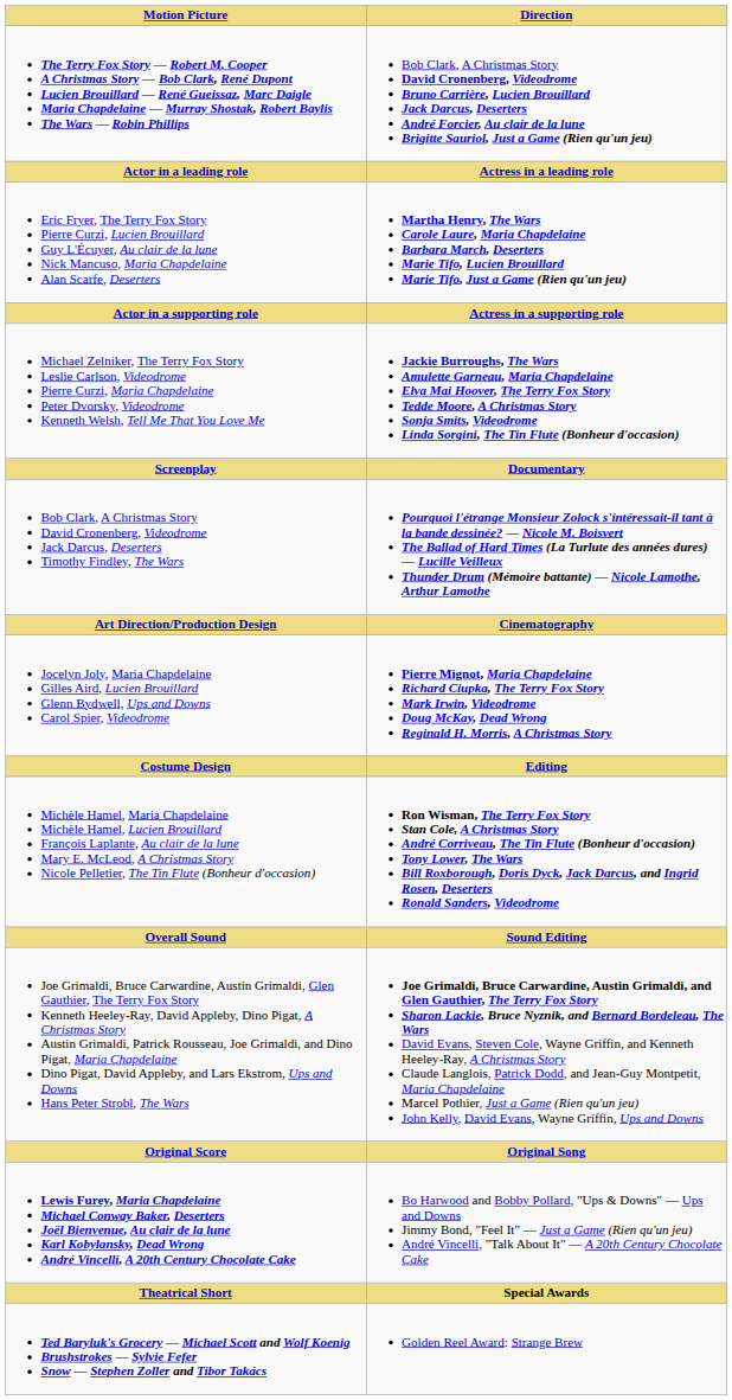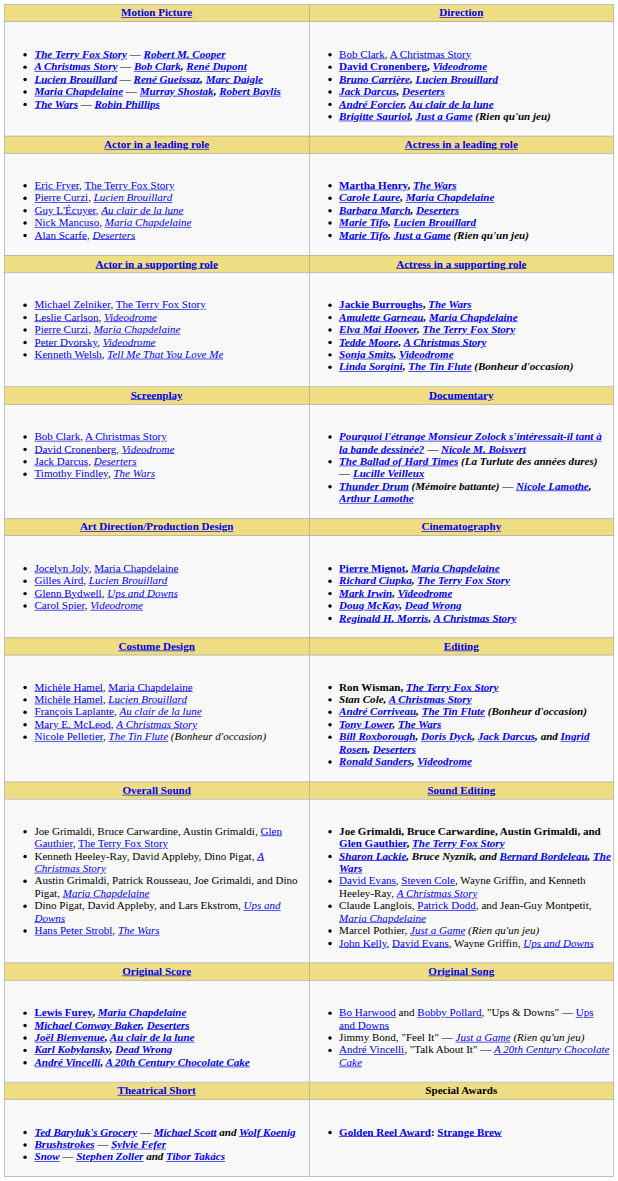 <table class=wikitable width="100%">
 <tr>
 <th style="background:#EEDD82; width:50%"><a href='#'>Motion Picture</a></th>
 <th style="background:#EEDD82; width:50%"><a href='#'>Direction</a></th>
 </tr>
 <tr>
 <td valign="top"><br><ul><li> <strong><em><a href='#'>The Terry Fox Story</a><em> — <a href='#'>Robert M. Cooper</a><strong></li><li></em><a href='#'>A Christmas Story</a><em> — <a href='#'>Bob Clark</a>, <a href='#'>René Dupont</a></li><li></em><a href='#'>Lucien Brouillard</a><em> — <a href='#'>René Gueissaz</a>, <a href='#'>Marc Daigle</a></li><li></em><a href='#'>Maria Chapdelaine</a><em> — <a href='#'>Murray Shostak</a>, <a href='#'>Robert Baylis</a></li><li></em><a href='#'>The Wars</a><em> — <a href='#'>Robin Phillips</a></li></ul></td>
 <td valign="top"><br><ul><li> </strong><a href='#'>Bob Clark</a>, </em><a href='#'>A Christmas Story</a></em></strong></li><li> <strong><a href='#'>David Cronenberg</a>, <em><a href='#'>Videodrome</a><strong><em></li><li><a href='#'>Bruno Carrière</a>, </em><a href='#'>Lucien Brouillard</a><em></li><li><a href='#'>Jack Darcus</a>, </em><a href='#'>Deserters</a><em></li><li><a href='#'>André Forcier</a>, </em><a href='#'>Au clair de la lune</a><em></li><li><a href='#'>Brigitte Sauriol</a>, </em><a href='#'>Just a Game</a> (Rien qu'un jeu)<em></li></ul></td>
 </tr>
 <tr>
 <th style="background:#EEDD82; width:50%"><a href='#'>Actor in a leading role</a></th>
 <th style="background:#EEDD82; width:50%"><a href='#'>Actress in a leading role</a></th>
 </tr>
 <tr>
 <td valign="top"><br><ul><li> </strong><a href='#'>Eric Fryer</a>, </em><a href='#'>The Terry Fox Story</a></em></strong></li><li><a href='#'>Pierre Curzi</a>, <em><a href='#'>Lucien Brouillard</a></em></li><li><a href='#'>Guy L'Écuyer</a>, <em><a href='#'>Au clair de la lune</a></em></li><li><a href='#'>Nick Mancuso</a>, <em><a href='#'>Maria Chapdelaine</a></em></li><li><a href='#'>Alan Scarfe</a>, <em><a href='#'>Deserters</a></em></li></ul></td>
 <td valign="top"><br><ul><li> <strong><a href='#'>Martha Henry</a>, <em><a href='#'>The Wars</a><strong><em></li><li><a href='#'>Carole Laure</a>, </em><a href='#'>Maria Chapdelaine</a><em></li><li><a href='#'>Barbara March</a>, </em><a href='#'>Deserters</a><em></li><li><a href='#'>Marie Tifo</a>, </em><a href='#'>Lucien Brouillard</a><em></li><li><a href='#'>Marie Tifo</a>, </em><a href='#'>Just a Game</a> (Rien qu'un jeu)<em></li></ul></td>
 </tr>
 <tr>
 <th style="background:#EEDD82; width:50%"><a href='#'>Actor in a supporting role</a></th>
 <th style="background:#EEDD82; width:50%"><a href='#'>Actress in a supporting role</a></th>
 </tr>
 <tr>
 <td valign="top"><br><ul><li> </strong><a href='#'>Michael Zelniker</a>, </em><a href='#'>The Terry Fox Story</a></em></strong></li><li><a href='#'>Leslie Carlson</a>, <em><a href='#'>Videodrome</a></em></li><li><a href='#'>Pierre Curzi</a>, <em><a href='#'>Maria Chapdelaine</a></em></li><li><a href='#'>Peter Dvorsky</a>, <em><a href='#'>Videodrome</a></em></li><li><a href='#'>Kenneth Welsh</a>, <em><a href='#'>Tell Me That You Love Me</a></em></li></ul></td>
 <td valign="top"><br><ul><li> <strong><a href='#'>Jackie Burroughs</a>, <em><a href='#'>The Wars</a><strong><em></li><li><a href='#'>Amulette Garneau</a>, </em><a href='#'>Maria Chapdelaine</a><em></li><li><a href='#'>Elva Mai Hoover</a>, </em><a href='#'>The Terry Fox Story</a><em></li><li><a href='#'>Tedde Moore</a>, </em><a href='#'>A Christmas Story</a><em></li><li><a href='#'>Sonja Smits</a>, </em><a href='#'>Videodrome</a><em></li><li><a href='#'>Linda Sorgini</a>, </em><a href='#'>The Tin Flute</a> (Bonheur d'occasion)<em></li></ul></td>
 </tr>
 <tr>
 <th style="background:#EEDD82; width:50%"><a href='#'>Screenplay</a></th>
 <th style="background:#EEDD82; width:50%"><a href='#'>Documentary</a></th>
 </tr>
 <tr>
 <td valign="top"><br><ul><li> </strong><a href='#'>Bob Clark</a>, </em><a href='#'>A Christmas Story</a></em></strong></li><li><a href='#'>David Cronenberg</a>, <em><a href='#'>Videodrome</a></em></li><li><a href='#'>Jack Darcus</a>, <em><a href='#'>Deserters</a></em></li><li><a href='#'>Timothy Findley</a>, <em><a href='#'>The Wars</a></em></li></ul></td>
 <td valign="top"><br><ul><li> <strong><em><a href='#'>Pourquoi l'étrange Monsieur Zolock s'intéressait-il tant à la bande dessinée?</a><em> — <a href='#'>Nicole M. Boisvert</a><strong></li><li></em><a href='#'>The Ballad of Hard Times</a> (La Turlute des années dures)<em> — <a href='#'>Lucille Veilleux</a></li><li></em><a href='#'>Thunder Drum</a> (Mémoire battante)<em> — <a href='#'>Nicole Lamothe</a>, <a href='#'>Arthur Lamothe</a></li></ul></td>
 </tr>
 <tr>
 <th style="background:#EEDD82; width:50%"><a href='#'>Art Direction/Production Design</a></th>
 <th style="background:#EEDD82; width:50%"><a href='#'>Cinematography</a></th>
 </tr>
 <tr>
 <td valign="top"><br><ul><li> </strong><a href='#'>Jocelyn Joly</a>, </em><a href='#'>Maria Chapdelaine</a></em></strong></li><li><a href='#'>Gilles Aird</a>, <em><a href='#'>Lucien Brouillard</a></em></li><li><a href='#'>Glenn Bydwell</a>, <em><a href='#'>Ups and Downs</a></em></li><li><a href='#'>Carol Spier</a>, <em><a href='#'>Videodrome</a></em></li></ul></td>
 <td valign="top"><br><ul><li> <strong><a href='#'>Pierre Mignot</a>, <em><a href='#'>Maria Chapdelaine</a><strong><em></li><li><a href='#'>Richard Ciupka</a>, </em><a href='#'>The Terry Fox Story</a><em></li><li><a href='#'>Mark Irwin</a>, </em><a href='#'>Videodrome</a><em></li><li><a href='#'>Doug McKay</a>, </em><a href='#'>Dead Wrong</a><em></li><li><a href='#'>Reginald H. Morris</a>, </em><a href='#'>A Christmas Story</a><em></li></ul></td>
 </tr>
 <tr>
 <th style="background:#EEDD82; width:50%"><a href='#'>Costume Design</a></th>
 <th style="background:#EEDD82; width:50%"><a href='#'>Editing</a></th>
 </tr>
 <tr>
 <td valign="top"><br><ul><li> </strong><a href='#'>Michèle Hamel</a>, </em><a href='#'>Maria Chapdelaine</a></em></strong></li><li><a href='#'>Michèle Hamel</a>, <em><a href='#'>Lucien Brouillard</a></em></li><li><a href='#'>François Laplante</a>, <em><a href='#'>Au clair de la lune</a></em></li><li><a href='#'>Mary E. McLeod</a>, <em><a href='#'>A Christmas Story</a></em></li><li><a href='#'>Nicole Pelletier</a>, <em><a href='#'>The Tin Flute</a> (Bonheur d'occasion)</em></li></ul></td>
 <td valign="top"><br><ul><li> <strong>Ron Wisman, <em><a href='#'>The Terry Fox Story</a><strong><em></li><li>Stan Cole, </em><a href='#'>A Christmas Story</a><em></li><li><a href='#'>André Corriveau</a>, </em><a href='#'>The Tin Flute</a> (Bonheur d'occasion)<em></li><li><a href='#'>Tony Lower</a>, </em><a href='#'>The Wars</a><em></li><li><a href='#'>Bill Roxborough</a>, <a href='#'>Doris Dyck</a>, <a href='#'>Jack Darcus</a>, and <a href='#'>Ingrid Rosen</a>, </em><a href='#'>Deserters</a><em></li><li><a href='#'>Ronald Sanders</a>, </em><a href='#'>Videodrome</a><em></li></ul></td>
 </tr>
 <tr>
 <th style="background:#EEDD82; width:50%"><a href='#'>Overall Sound</a></th>
 <th style="background:#EEDD82; width:50%"><a href='#'>Sound Editing</a></th>
 </tr>
 <tr>
 <td valign="top"><br><ul><li> </strong>Joe Grimaldi, Bruce Carwardine, Austin Grimaldi, <a href='#'>Glen Gauthier</a>, </em><a href='#'>The Terry Fox Story</a></em></strong></li><li>Kenneth Heeley-Ray, David Appleby, Dino Pigat, <em><a href='#'>A Christmas Story</a></em></li><li>Austin Grimaldi, Patrick Rousseau, Joe Grimaldi, and Dino Pigat, <em><a href='#'>Maria Chapdelaine</a></em></li><li>Dino Pigat, David Appleby, and Lars Ekstrom, <em><a href='#'>Ups and Downs</a></em></li><li><a href='#'>Hans Peter Strobl</a>, <em><a href='#'>The Wars</a></em></li></ul></td>
 <td valign="top"><br><ul><li> <strong>Joe Grimaldi, Bruce Carwardine, Austin Grimaldi, and <a href='#'>Glen Gauthier</a>, <em><a href='#'>The Terry Fox Story</a><strong><em></li><li> </strong><a href='#'>Sharon Lackie</a>, Bruce Nyznik, and <a href='#'>Bernard Bordeleau</a>, </em><a href='#'>The Wars</a></em></strong></li><li><a href='#'>David Evans</a>, <a href='#'>Steven Cole</a>, Wayne Griffin, and Kenneth Heeley-Ray, <em><a href='#'>A Christmas Story</a></em></li><li>Claude Langlois, <a href='#'>Patrick Dodd</a>, and Jean-Guy Montpetit, <em><a href='#'>Maria Chapdelaine</a></em></li><li>Marcel Pothier, <em><a href='#'>Just a Game</a> (Rien qu'un jeu)</em></li><li><a href='#'>John Kelly</a>, <a href='#'>David Evans</a>, Wayne Griffin, <em><a href='#'>Ups and Downs</a></em></li></ul></td>
 </tr>
 <tr>
 <th style="background:#EEDD82; width:50%"><a href='#'>Original Score</a></th>
 <th style="background:#EEDD82; width:50%"><a href='#'>Original Song</a></th>
 </tr>
 <tr>
 <td valign="top"><br><ul><li> <strong><a href='#'>Lewis Furey</a>, <em><a href='#'>Maria Chapdelaine</a><strong><em></li><li><a href='#'>Michael Conway Baker</a>, </em><a href='#'>Deserters</a><em></li><li><a href='#'>Joël Bienvenue</a>, </em><a href='#'>Au clair de la lune</a><em></li><li><a href='#'>Karl Kobylansky</a>, </em><a href='#'>Dead Wrong</a><em></li><li><a href='#'>André Vincelli</a>, </em><a href='#'>A 20th Century Chocolate Cake</a><em></li></ul></td>
 <td valign="top"><br><ul><li> </strong><a href='#'>Bo Harwood</a> and <a href='#'>Bobby Pollard</a>, "Ups & Downs" — </em><a href='#'>Ups and Downs</a></em></strong></li><li>Jimmy Bond, "Feel It" — <em><a href='#'>Just a Game</a> (Rien qu'un jeu)</em></li><li><a href='#'>André Vincelli</a>, "Talk About It" — <em><a href='#'>A 20th Century Chocolate Cake</a></em></li></ul></td>
 </tr>
 <tr>
 <th style="background:#EEDD82; width:50%"><a href='#'>Theatrical Short</a></th>
 <th style="background:#EEDD82; width:50%">Special Awards</th>
 </tr>
 <tr>
 <td valign="top"><br><ul><li> <strong><em><a href='#'>Ted Baryluk's Grocery</a><em> — <a href='#'>Michael Scott</a> and <a href='#'>Wolf Koenig</a><strong></li><li></em><a href='#'>Brushstrokes</a><em> — <a href='#'>Sylvie Fefer</a></li><li></em><a href='#'>Snow</a><em> — <a href='#'>Stephen Zoller</a> and <a href='#'>Tibor Takács</a></li></ul></td>
-<td valign="top"><br><ul><li><a href='#'>Golden Reel Award</a>: </em><a href='#'>Strange Brew</a><em></li></ul></td>
+<td valign="top"><strong><br><ul><li><a href='#'>Golden Reel Award</a>: </em><a href='#'>Strange Brew</a><em></li></ul></strong></td>
 </tr>
 </table>
